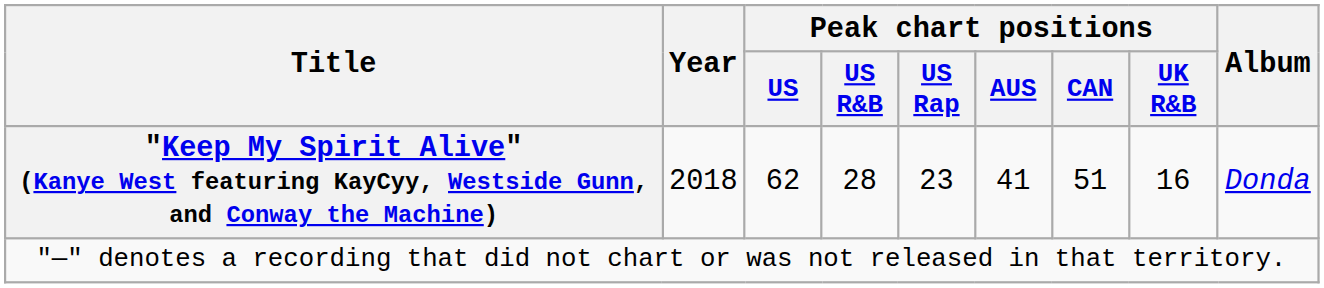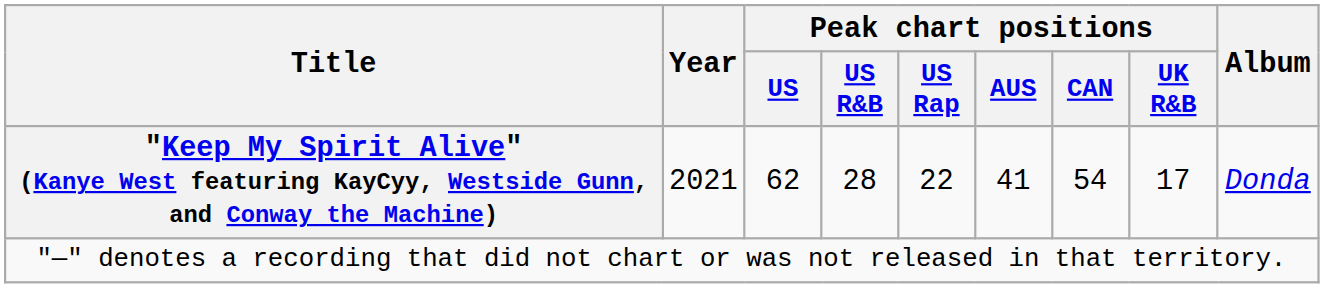 <table class="wikitable plainrowheaders" style="text-align:center;">
 <tr>
 <th scope="col" rowspan="2" style="width:22.5em;">Title</th>
 <th scope="col" rowspan="2">Year</th>
 <th scope="col" colspan="6">Peak chart positions</th>
 <th scope="col" rowspan="2">Album</th>
 </tr>
 <tr>
 <th scope="col" style="width:2.5em;font-size:90%;"><a href='#'>US</a><br></th>
 <th scope="col" style="width:2.5em;font-size:90%;"><a href='#'>US<br>R&B</a><br></th>
 <th scope="col" style="width:2.5em;font-size:90%;"><a href='#'>US<br>Rap</a><br></th>
 <th scope="col" style="width:2.5em;font-size:90%;"><a href='#'>AUS</a><br></th>
 <th scope="col" style="width:2.5em;font-size:90%;"><a href='#'>CAN</a><br></th>
 <th scope="col" style="width:3em;font-size:90%;"><a href='#'>UK<br>R&B</a><br></th>
 </tr>
 <tr>
 <th scope="row">"<a href='#'>Keep My Spirit Alive</a>"<br><small>(<a href='#'>Kanye West</a> featuring KayCyy, <a href='#'>Westside Gunn</a>, and <a href='#'>Conway the Machine</a>)</small></th>
-<td>2018</td>
+<td>2021</td>
 <td>62</td>
 <td>28</td>
-<td>23</td>
+<td>22</td>
 <td>41</td>
-<td>51</td>
-<td>16</td>
+<td>54</td>
+<td>17</td>
 <td><em><a href='#'>Donda</a></em></td>
 </tr>
 <tr>
 <td colspan="9" style="font-size:90%">"—" denotes a recording that did not chart or was not released in that territory.</td>
 </tr>
 </table>
